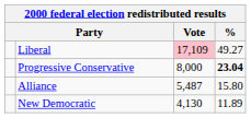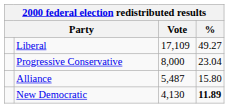 <table class="wikitable">
 <tr>
 <th colspan="4"><a href='#'>2000 federal election</a> redistributed results</th>
 </tr>
 <tr>
 <th bgcolor="#DDDDFF" width="230px" colspan="2">Party</th>
 <th bgcolor="#DDDDFF" width="50px">Vote</th>
 <th bgcolor="#DDDDFF" width="30px">%</th>
 </tr>
 <tr>
 <td> </td>
 <td><a href='#'>Liberal</a></td>
-<td style="background: pink;">17,109</td>
+<td>17,109</td>
 <td>49.27</td>
 </tr>
 <tr>
 <td> </td>
 <td><a href='#'>Progressive Conservative</a></td>
 <td>8,000</td>
-<td><strong>23.04</strong></td>
+<td>23.04</td>
 </tr>
 <tr>
 <td> </td>
 <td><a href='#'>Alliance</a></td>
 <td>5,487</td>
 <td>15.80</td>
 </tr>
 <tr>
 <td> </td>
 <td><a href='#'>New Democratic</a></td>
 <td>4,130</td>
-<td>11.89</td>
+<td><strong>11.89</strong></td>
 </tr>
 </table>
